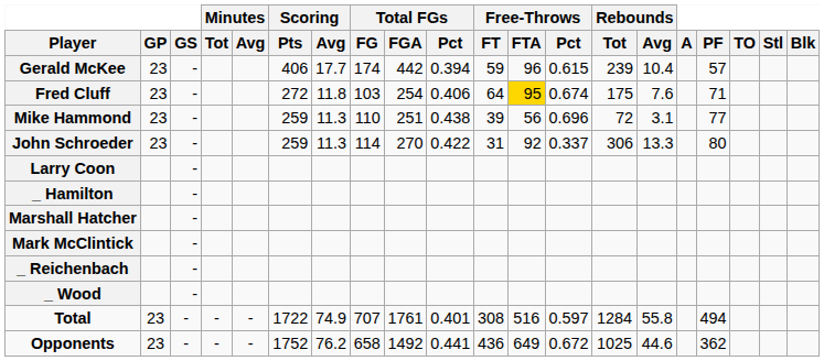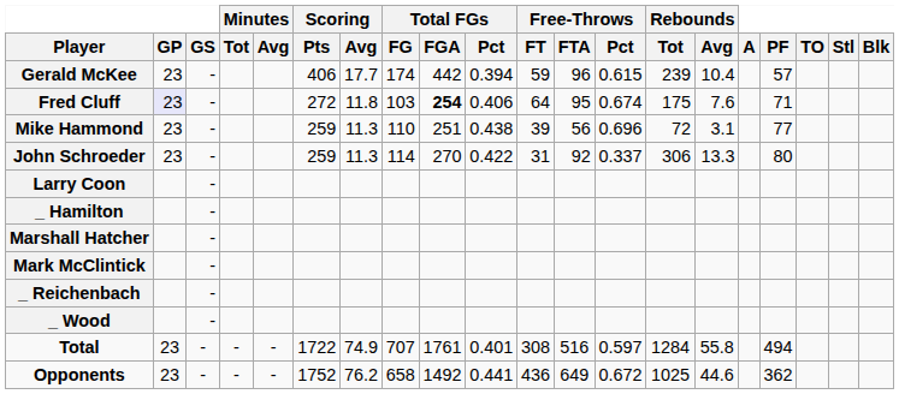 <table class="wikitable sortable" border="1" style="font-size:90%;">
 <tr>
 <th colspan="3" style="border-top-style:hidden; border-left-style:hidden; background: white;"></th>
 <th colspan="2" style=>Minutes</th>
 <th colspan="2" style=>Scoring</th>
 <th colspan="3" style=>Total FGs</th>
 <th colspan="3" style=>Free-Throws</th>
 <th colspan="2" style=>Rebounds</th>
 <th colspan="5" style="border-top-style:hidden; border-right-style:hidden; background: white;"></th>
 </tr>
 <tr>
 <th scope="col" style=>Player</th>
 <th scope="col" style=>GP</th>
 <th scope="col" style=>GS</th>
 <th scope="col" style=>Tot</th>
 <th scope="col" style=>Avg</th>
 <th scope="col" style=>Pts</th>
 <th scope="col" style=>Avg</th>
 <th scope="col" style=>FG</th>
 <th scope="col" style=>FGA</th>
 <th scope="col" style=>Pct</th>
 <th scope="col" style=>FT</th>
 <th scope="col" style=>FTA</th>
 <th scope="col" style=>Pct</th>
 <th scope="col" style=>Tot</th>
 <th scope="col" style=>Avg</th>
 <th scope="col" style=>A</th>
 <th scope="col" style=>PF</th>
 <th scope="col" style=>TO</th>
 <th scope="col" style=>Stl</th>
 <th scope="col" style=>Blk</th>
 </tr>
 <tr>
 <th>Gerald McKee</th>
 <td align="right">23</td>
 <td align="right">-</td>
 <td align="right"></td>
 <td align="right"></td>
 <td align="right">406</td>
 <td align="right">17.7</td>
 <td align="right">174</td>
 <td align="right">442</td>
 <td align="right">0.394</td>
 <td align="right">59</td>
 <td align="right">96</td>
 <td align="right">0.615</td>
 <td align="right">239</td>
 <td align="right">10.4</td>
 <td align="right"></td>
 <td align="right">57</td>
 <td align="right"></td>
 <td align="right"></td>
 <td align="right"></td>
 </tr>
 <tr>
 <th>Fred Cluff</th>
-<td align="right">23</td>
+<td align="right" style="background: lavender;">23</td>
 <td align="right">-</td>
 <td align="right"></td>
 <td align="right"></td>
 <td align="right">272</td>
 <td align="right">11.8</td>
 <td align="right">103</td>
-<td align="right">254</td>
+<td align="right"><strong>254</strong></td>
 <td align="right">0.406</td>
 <td align="right">64</td>
-<td align="right" style="background: gold;">95</td>
+<td align="right">95</td>
 <td align="right">0.674</td>
 <td align="right">175</td>
 <td align="right">7.6</td>
 <td align="right"></td>
 <td align="right">71</td>
 <td align="right"></td>
 <td align="right"></td>
 <td align="right"></td>
 </tr>
 <tr>
 <th>Mike Hammond</th>
 <td align="right">23</td>
 <td align="right">-</td>
 <td align="right"></td>
 <td align="right"></td>
 <td align="right">259</td>
 <td align="right">11.3</td>
 <td align="right">110</td>
 <td align="right">251</td>
 <td align="right">0.438</td>
 <td align="right">39</td>
 <td align="right">56</td>
 <td align="right">0.696</td>
 <td align="right">72</td>
 <td align="right">3.1</td>
 <td align="right"></td>
 <td align="right">77</td>
 <td align="right"></td>
 <td align="right"></td>
 <td align="right"></td>
 </tr>
 <tr>
 <th>John Schroeder</th>
 <td align="right">23</td>
 <td align="right">-</td>
 <td align="right"></td>
 <td align="right"></td>
 <td align="right">259</td>
 <td align="right">11.3</td>
 <td align="right">114</td>
 <td align="right">270</td>
 <td align="right">0.422</td>
 <td align="right">31</td>
 <td align="right">92</td>
 <td align="right">0.337</td>
 <td align="right">306</td>
 <td align="right">13.3</td>
 <td align="right"></td>
 <td align="right">80</td>
 <td align="right"></td>
 <td align="right"></td>
 <td align="right"></td>
 </tr>
 <tr>
 <th>Larry Coon</th>
 <td align="right"></td>
 <td align="right">-</td>
 <td align="right"></td>
 <td align="right"></td>
 <td align="right"></td>
 <td align="right"></td>
 <td align="right"></td>
 <td align="right"></td>
 <td align="right"></td>
 <td align="right"></td>
 <td align="right"></td>
 <td align="right"></td>
 <td align="right"></td>
 <td align="right"></td>
 <td align="right"></td>
 <td align="right"></td>
 <td align="right"></td>
 <td align="right"></td>
 <td align="right"></td>
 </tr>
 <tr>
 <th>_ Hamilton</th>
 <td align="right"></td>
 <td align="right">-</td>
 <td align="right"></td>
 <td align="right"></td>
 <td align="right"></td>
 <td align="right"></td>
 <td align="right"></td>
 <td align="right"></td>
 <td align="right"></td>
 <td align="right"></td>
 <td align="right"></td>
 <td align="right"></td>
 <td align="right"></td>
 <td align="right"></td>
 <td align="right"></td>
 <td align="right"></td>
 <td align="right"></td>
 <td align="right"></td>
 <td align="right"></td>
 </tr>
 <tr>
 <th>Marshall Hatcher</th>
 <td align="right"></td>
 <td align="right">-</td>
 <td align="right"></td>
 <td align="right"></td>
 <td align="right"></td>
 <td align="right"></td>
 <td align="right"></td>
 <td align="right"></td>
 <td align="right"></td>
 <td align="right"></td>
 <td align="right"></td>
 <td align="right"></td>
 <td align="right"></td>
 <td align="right"></td>
 <td align="right"></td>
 <td align="right"></td>
 <td align="right"></td>
 <td align="right"></td>
 <td align="right"></td>
 </tr>
 <tr>
 <th>Mark McClintick</th>
 <td align="right"></td>
 <td align="right">-</td>
 <td align="right"></td>
 <td align="right"></td>
 <td align="right"></td>
 <td align="right"></td>
 <td align="right"></td>
 <td align="right"></td>
 <td align="right"></td>
 <td align="right"></td>
 <td align="right"></td>
 <td align="right"></td>
 <td align="right"></td>
 <td align="right"></td>
 <td align="right"></td>
 <td align="right"></td>
 <td align="right"></td>
 <td align="right"></td>
 <td align="right"></td>
 </tr>
 <tr>
 <th>_ Reichenbach</th>
 <td align="right"></td>
 <td align="right">-</td>
 <td align="right"></td>
 <td align="right"></td>
 <td align="right"></td>
 <td align="right"></td>
 <td align="right"></td>
 <td align="right"></td>
 <td align="right"></td>
 <td align="right"></td>
 <td align="right"></td>
 <td align="right"></td>
 <td align="right"></td>
 <td align="right"></td>
 <td align="right"></td>
 <td align="right"></td>
 <td align="right"></td>
 <td align="right"></td>
 <td align="right"></td>
 </tr>
 <tr>
 <th>_ Wood</th>
 <td align="right"></td>
 <td align="right">-</td>
 <td align="right"></td>
 <td align="right"></td>
 <td align="right"></td>
 <td align="right"></td>
 <td align="right"></td>
 <td align="right"></td>
 <td align="right"></td>
 <td align="right"></td>
 <td align="right"></td>
 <td align="right"></td>
 <td align="right"></td>
 <td align="right"></td>
 <td align="right"></td>
 <td align="right"></td>
 <td align="right"></td>
 <td align="right"></td>
 <td align="right"></td>
 </tr>
 <tr>
 </tr>
 <tr class="sortbottom">
 <td align="center" style=><strong>Total</strong></td>
 <td align="center" style=>23</td>
 <td align="center" style=>-</td>
 <td align="center" style=>-</td>
 <td align="center" style=>-</td>
 <td align="center" style=>1722</td>
 <td align="center" style=>74.9</td>
 <td align="center" style=>707</td>
 <td align="center" style=>1761</td>
 <td align="center" style=>0.401</td>
 <td align="center" style=>308</td>
 <td align="center" style=>516</td>
 <td align="center" style=>0.597</td>
 <td align="center" style=>1284</td>
 <td align="center" style=>55.8</td>
 <td align="center" style=></td>
 <td align="center" style=>494</td>
 <td align="center" style=></td>
 <td align="center" style=></td>
 <td align="center" style=></td>
 </tr>
 <tr class="sortbottom">
 <td align="center"><strong>Opponents</strong></td>
 <td align="center">23</td>
 <td align="center">-</td>
 <td align="center">-</td>
 <td align="center">-</td>
 <td align="center">1752</td>
 <td align="center">76.2</td>
 <td align="center">658</td>
 <td align="center">1492</td>
 <td align="center">0.441</td>
 <td align="center">436</td>
 <td align="center">649</td>
 <td align="center">0.672</td>
 <td align="center">1025</td>
 <td align="center">44.6</td>
 <td align="center"></td>
 <td align="center">362</td>
 <td align="center"></td>
 <td align="center"></td>
 <td align="center"></td>
 </tr>
 </table>
